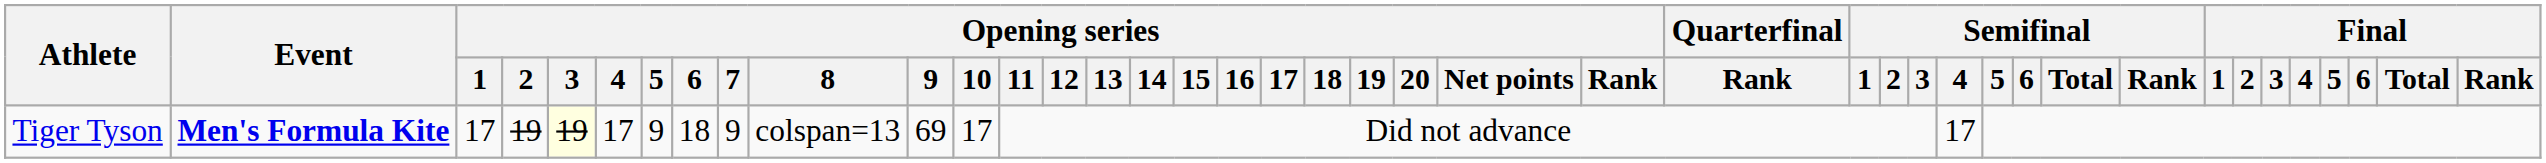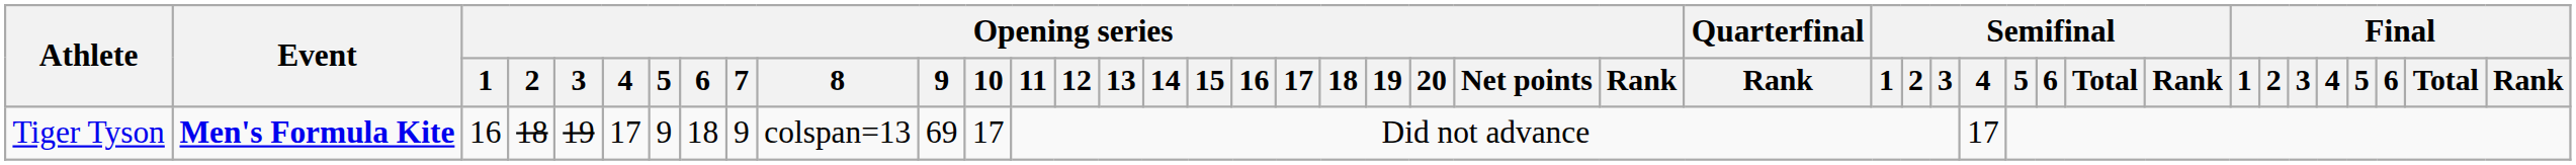 <table class="wikitable" style="font-size:90%">
 <tr>
 <th rowspan=2>Athlete</th>
 <th rowspan=2>Event</th>
 <th colspan=22>Opening series</th>
 <th>Quarterfinal</th>
 <th colspan=8>Semifinal</th>
 <th colspan=8>Final</th>
 </tr>
 <tr style=font-size:95%>
 <th>1</th>
 <th>2</th>
 <th>3</th>
 <th>4</th>
 <th>5</th>
 <th>6</th>
 <th>7</th>
 <th>8</th>
 <th>9</th>
 <th>10</th>
 <th>11</th>
 <th>12</th>
 <th>13</th>
 <th>14</th>
 <th>15</th>
 <th>16</th>
 <th>17</th>
 <th>18</th>
 <th>19</th>
 <th>20</th>
 <th>Net points</th>
 <th>Rank</th>
 <th>Rank</th>
 <th>1</th>
 <th>2</th>
 <th>3</th>
 <th>4</th>
 <th>5</th>
 <th>6</th>
 <th>Total</th>
 <th>Rank</th>
 <th>1</th>
 <th>2</th>
 <th>3</th>
 <th>4</th>
 <th>5</th>
 <th>6</th>
 <th>Total</th>
 <th>Rank</th>
 </tr>
 <tr align=center>
 <td align=left><a href='#'>Tiger Tyson</a></td>
 <td align=left><strong><a href='#'>Men's Formula Kite</a></strong></td>
-<td>17</td>
+<td>16</td>
+<td><s>18</s></td>
 <td><s>19</s></td>
-<td style="background: lightyellow;"><s>19</s></td>
 <td>17</td>
 <td>9</td>
 <td>18</td>
 <td>9</td>
 <td>colspan=13 </td>
 <td>69</td>
 <td>17</td>
 <td Colspan=16>Did not advance</td>
 <td>17</td>
 </tr>
 </table>
